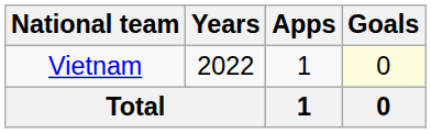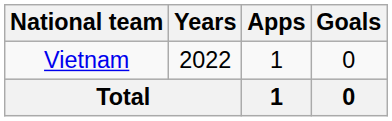 <table class=wikitable style="text-align: center;">
 <tr>
 <th>National team</th>
 <th>Years</th>
 <th>Apps</th>
 <th>Goals</th>
 </tr>
 <tr>
 <td><a href='#'>Vietnam</a></td>
 <td>2022</td>
 <td>1</td>
-<td style="background: lightyellow;">0</td>
+<td>0</td>
 </tr>
 <tr>
 <th colspan=2>Total</th>
 <th>1</th>
 <th>0</th>
 </tr>
 </table>
